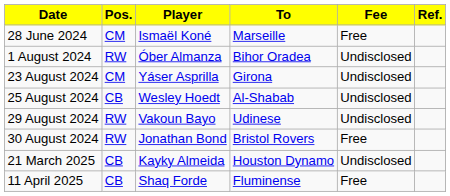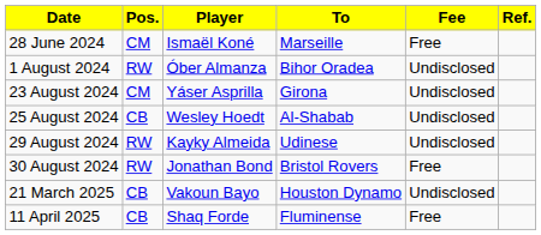 <table class="wikitable plainrowheaders sortable">
 <tr>
 <th style="background:#FFFF00;color:black;">Date</th>
 <th style="background:#FFFF00;color:black;">Pos.</th>
 <th style="background:#FFFF00;color:black;">Player</th>
 <th style="background:#FFFF00;color:black;">To</th>
 <th style="background:#FFFF00;color:black;">Fee</th>
 <th style="background:#FFFF00;color:black;">Ref.</th>
 </tr>
 <tr>
 <td>28 June 2024</td>
 <td><a href='#'>CM</a></td>
 <td> <a href='#'>Ismaël Koné</a></td>
 <td> <a href='#'>Marseille</a></td>
 <td>Free</td>
 <td></td>
 </tr>
 <tr>
 <td>1 August 2024</td>
 <td><a href='#'>RW</a></td>
 <td> <a href='#'>Óber Almanza</a></td>
 <td> <a href='#'>Bihor Oradea</a></td>
 <td>Undisclosed</td>
 <td></td>
 </tr>
 <tr>
 <td>23 August 2024</td>
 <td><a href='#'>CM</a></td>
 <td> <a href='#'>Yáser Asprilla</a></td>
 <td> <a href='#'>Girona</a></td>
 <td>Undisclosed</td>
 <td></td>
 </tr>
 <tr>
 <td>25 August 2024</td>
 <td><a href='#'>CB</a></td>
 <td> <a href='#'>Wesley Hoedt</a></td>
 <td> <a href='#'>Al-Shabab</a></td>
 <td>Undisclosed</td>
 <td></td>
 </tr>
 <tr>
 <td>29 August 2024</td>
 <td><a href='#'>RW</a></td>
-<td> <a href='#'>Vakoun Bayo</a></td>
+<td> <a href='#'>Kayky Almeida</a></td>
 <td> <a href='#'>Udinese</a></td>
 <td>Undisclosed</td>
 <td></td>
 </tr>
 <tr>
 <td>30 August 2024</td>
 <td><a href='#'>RW</a></td>
 <td> <a href='#'>Jonathan Bond</a></td>
 <td> <a href='#'>Bristol Rovers</a></td>
 <td>Free</td>
 <td></td>
 </tr>
 <tr>
 <td>21 March 2025</td>
 <td><a href='#'>CB</a></td>
-<td> <a href='#'>Kayky Almeida</a></td>
+<td> <a href='#'>Vakoun Bayo</a></td>
 <td> <a href='#'>Houston Dynamo</a></td>
 <td>Undisclosed</td>
 <td></td>
 </tr>
 <tr>
 <td>11 April 2025</td>
 <td><a href='#'>CB</a></td>
 <td> <a href='#'>Shaq Forde</a></td>
 <td> <a href='#'>Fluminense</a></td>
 <td>Free</td>
 <td></td>
 </tr>
 </table>
